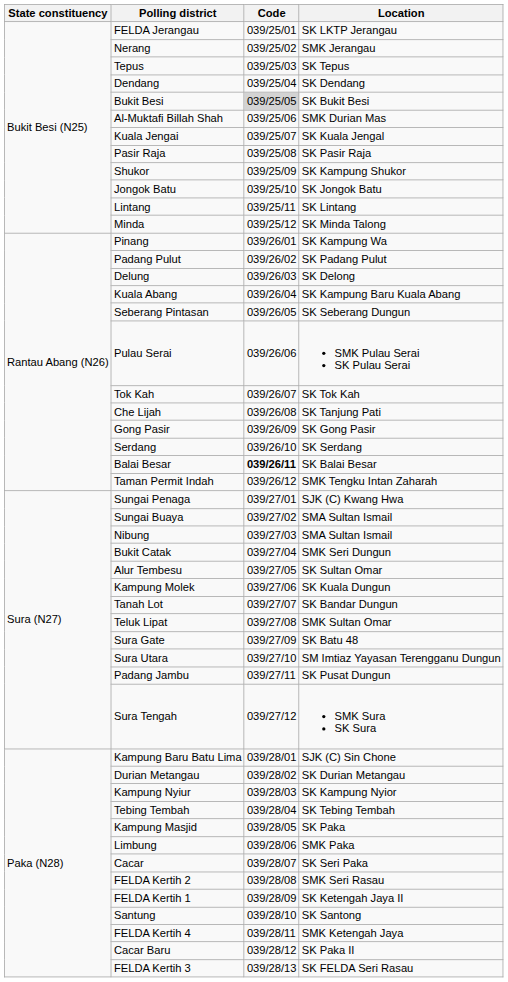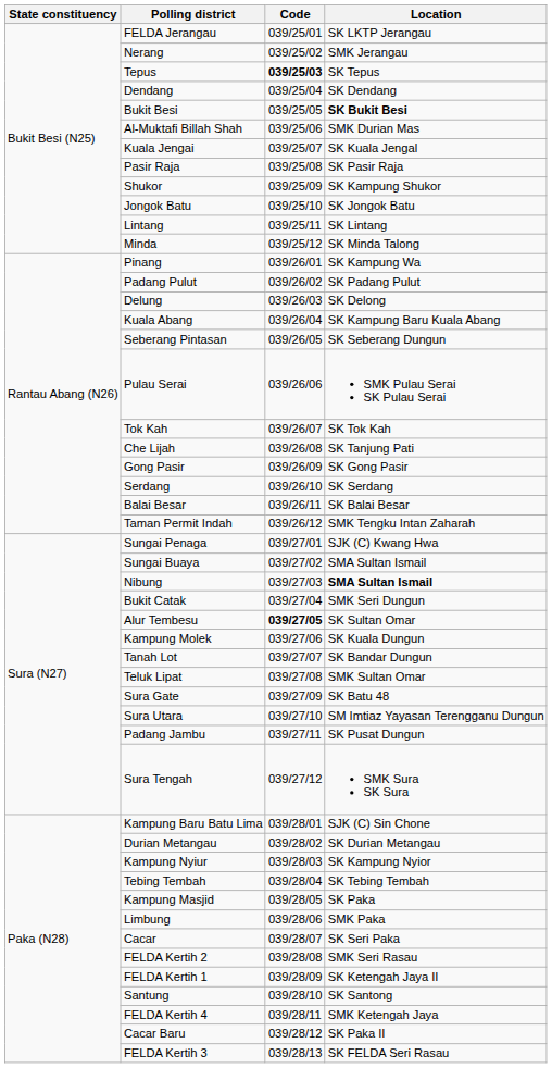 <table class="wikitable sortable mw-collapsible" style="white-space:nowrap;font-size:85%">
 <tr>
 <th>State constituency</th>
 <th>Polling district</th>
 <th>Code</th>
 <th>Location</th>
 </tr>
 <tr>
 <td rowspan="12">Bukit Besi (N25)</td>
 <td>FELDA Jerangau</td>
 <td>039/25/01</td>
 <td>SK LKTP Jerangau</td>
 </tr>
 <tr>
 <td>Nerang</td>
 <td>039/25/02</td>
 <td>SMK Jerangau</td>
 </tr>
 <tr>
 <td>Tepus</td>
-<td>039/25/03</td>
+<td><strong>039/25/03</strong></td>
 <td>SK Tepus</td>
 </tr>
 <tr>
 <td>Dendang</td>
 <td>039/25/04</td>
 <td>SK Dendang</td>
 </tr>
 <tr>
 <td>Bukit Besi</td>
-<td style="background: lightgrey;">039/25/05</td>
-<td>SK Bukit Besi</td>
+<td>039/25/05</td>
+<td><strong>SK Bukit Besi</strong></td>
 </tr>
 <tr>
 <td>Al-Muktafi Billah Shah</td>
 <td>039/25/06</td>
 <td>SMK Durian Mas</td>
 </tr>
 <tr>
 <td>Kuala Jengai</td>
 <td>039/25/07</td>
 <td>SK Kuala Jengal</td>
 </tr>
 <tr>
 <td>Pasir Raja</td>
 <td>039/25/08</td>
 <td>SK Pasir Raja</td>
 </tr>
 <tr>
 <td>Shukor</td>
 <td>039/25/09</td>
 <td>SK Kampung Shukor</td>
 </tr>
 <tr>
 <td>Jongok Batu</td>
 <td>039/25/10</td>
 <td>SK Jongok Batu</td>
 </tr>
 <tr>
 <td>Lintang</td>
 <td>039/25/11</td>
 <td>SK Lintang</td>
 </tr>
 <tr>
 <td>Minda</td>
 <td>039/25/12</td>
 <td>SK Minda Talong</td>
 </tr>
 <tr>
 <td rowspan="12">Rantau Abang (N26)</td>
 <td>Pinang</td>
 <td>039/26/01</td>
 <td>SK Kampung Wa</td>
 </tr>
 <tr>
 <td>Padang Pulut</td>
 <td>039/26/02</td>
 <td>SK Padang Pulut</td>
 </tr>
 <tr>
 <td>Delung</td>
 <td>039/26/03</td>
 <td>SK Delong</td>
 </tr>
 <tr>
 <td>Kuala Abang</td>
 <td>039/26/04</td>
 <td>SK Kampung Baru Kuala Abang</td>
 </tr>
 <tr>
 <td>Seberang Pintasan</td>
 <td>039/26/05</td>
 <td>SK Seberang Dungun</td>
 </tr>
 <tr>
 <td>Pulau Serai</td>
 <td>039/26/06</td>
 <td><br><ul><li>SMK Pulau Serai</li><li>SK Pulau Serai</li></ul></td>
 </tr>
 <tr>
 <td>Tok Kah</td>
 <td>039/26/07</td>
 <td>SK Tok Kah</td>
 </tr>
 <tr>
 <td>Che Lijah</td>
 <td>039/26/08</td>
 <td>SK Tanjung Pati</td>
 </tr>
 <tr>
 <td>Gong Pasir</td>
 <td>039/26/09</td>
 <td>SK Gong Pasir</td>
 </tr>
 <tr>
 <td>Serdang</td>
 <td>039/26/10</td>
 <td>SK Serdang</td>
 </tr>
 <tr>
 <td>Balai Besar</td>
-<td><strong>039/26/11</strong></td>
+<td>039/26/11</td>
 <td>SK Balai Besar</td>
 </tr>
 <tr>
 <td>Taman Permit Indah</td>
 <td>039/26/12</td>
 <td>SMK Tengku Intan Zaharah</td>
 </tr>
 <tr>
 <td rowspan="12">Sura (N27)</td>
 <td>Sungai Penaga</td>
 <td>039/27/01</td>
 <td>SJK (C) Kwang Hwa</td>
 </tr>
 <tr>
 <td>Sungai Buaya</td>
 <td>039/27/02</td>
 <td>SMA Sultan Ismail</td>
 </tr>
 <tr>
 <td>Nibung</td>
 <td>039/27/03</td>
-<td>SMA Sultan Ismail</td>
+<td><strong>SMA Sultan Ismail</strong></td>
 </tr>
 <tr>
 <td>Bukit Catak</td>
 <td>039/27/04</td>
 <td>SMK Seri Dungun</td>
 </tr>
 <tr>
 <td>Alur Tembesu</td>
-<td>039/27/05</td>
+<td><strong>039/27/05</strong></td>
 <td>SK Sultan Omar</td>
 </tr>
 <tr>
 <td>Kampung Molek</td>
 <td>039/27/06</td>
 <td>SK Kuala Dungun</td>
 </tr>
 <tr>
 <td>Tanah Lot</td>
 <td>039/27/07</td>
 <td>SK Bandar Dungun</td>
 </tr>
 <tr>
 <td>Teluk Lipat</td>
 <td>039/27/08</td>
 <td>SMK Sultan Omar</td>
 </tr>
 <tr>
 <td>Sura Gate</td>
 <td>039/27/09</td>
 <td>SK Batu 48</td>
 </tr>
 <tr>
 <td>Sura Utara</td>
 <td>039/27/10</td>
 <td>SM Imtiaz Yayasan Terengganu Dungun</td>
 </tr>
 <tr>
 <td>Padang Jambu</td>
 <td>039/27/11</td>
 <td>SK Pusat Dungun</td>
 </tr>
 <tr>
 <td>Sura Tengah</td>
 <td>039/27/12</td>
 <td><br><ul><li>SMK Sura</li><li>SK Sura</li></ul></td>
 </tr>
 <tr>
 <td rowspan="13">Paka (N28)</td>
 <td>Kampung Baru Batu Lima</td>
 <td>039/28/01</td>
 <td>SJK (C) Sin Chone</td>
 </tr>
 <tr>
 <td>Durian Metangau</td>
 <td>039/28/02</td>
 <td>SK Durian Metangau</td>
 </tr>
 <tr>
 <td>Kampung Nyiur</td>
 <td>039/28/03</td>
 <td>SK Kampung Nyior</td>
 </tr>
 <tr>
 <td>Tebing Tembah</td>
 <td>039/28/04</td>
 <td>SK Tebing Tembah</td>
 </tr>
 <tr>
 <td>Kampung Masjid</td>
 <td>039/28/05</td>
 <td>SK Paka</td>
 </tr>
 <tr>
 <td>Limbung</td>
 <td>039/28/06</td>
 <td>SMK Paka</td>
 </tr>
 <tr>
 <td>Cacar</td>
 <td>039/28/07</td>
 <td>SK Seri Paka</td>
 </tr>
 <tr>
 <td>FELDA Kertih 2</td>
 <td>039/28/08</td>
 <td>SMK Seri Rasau</td>
 </tr>
 <tr>
 <td>FELDA Kertih 1</td>
 <td>039/28/09</td>
 <td>SK Ketengah Jaya II</td>
 </tr>
 <tr>
 <td>Santung</td>
 <td>039/28/10</td>
 <td>SK Santong</td>
 </tr>
 <tr>
 <td>FELDA Kertih 4</td>
 <td>039/28/11</td>
 <td>SMK Ketengah Jaya</td>
 </tr>
 <tr>
 <td>Cacar Baru</td>
 <td>039/28/12</td>
 <td>SK Paka II</td>
 </tr>
 <tr>
 <td>FELDA Kertih 3</td>
 <td>039/28/13</td>
 <td>SK FELDA Seri Rasau</td>
 </tr>
 </table>
